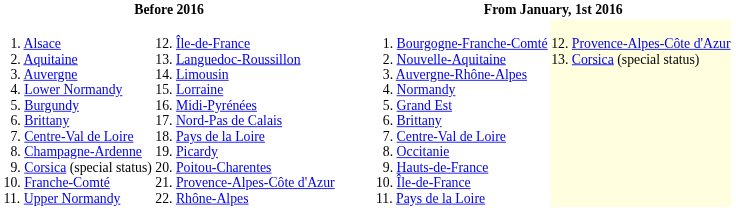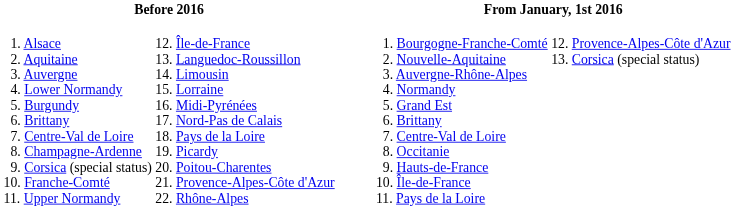 <table>
 <tr>
 <th colspan=2>Before 2016</th>
 <th></th>
 <th colspan=2>From January, 1st 2016</th>
 </tr>
 <tr>
 <td><br>  1. <a href='#'>Alsace</a><br>   2. <a href='#'>Aquitaine</a><br>   3. <a href='#'>Auvergne</a><br>   4. <a href='#'>Lower Normandy</a><br>   5. <a href='#'>Burgundy</a><br>   6. <a href='#'>Brittany</a><br>   7. <a href='#'>Centre-Val de Loire</a><br>   8. <a href='#'>Champagne-Ardenne</a><br>   9. <a href='#'>Corsica</a> (special status)<br> 10. <a href='#'>Franche-Comté</a><br> 11. <a href='#'>Upper Normandy</a></td>
 <td><br>12. <a href='#'>Île-de-France</a><br> 13. <a href='#'>Languedoc-Roussillon</a><br> 14. <a href='#'>Limousin</a><br> 15. <a href='#'>Lorraine</a><br> 16. <a href='#'>Midi-Pyrénées</a><br> 17. <a href='#'>Nord-Pas de Calais</a><br> 18. <a href='#'>Pays de la Loire</a><br> 19. <a href='#'>Picardy</a><br> 20. <a href='#'>Poitou-Charentes</a><br> 21. <a href='#'>Provence-Alpes-Côte d'Azur</a><br> 22. <a href='#'>Rhône-Alpes</a></td>
 <td width=40></td>
 <td><br>  1. <a href='#'>Bourgogne-Franche-Comté</a><br>   2. <a href='#'>Nouvelle-Aquitaine</a><br>   3. <a href='#'>Auvergne-Rhône-Alpes</a><br>   4. <a href='#'>Normandy</a><br>   5. <a href='#'>Grand Est</a><br>   6. <a href='#'>Brittany</a><br>   7. <a href='#'>Centre-Val de Loire</a><br>   8. <a href='#'>Occitanie</a><br>   9. <a href='#'>Hauts-de-France</a><br> 10. <a href='#'>Île-de-France</a><br> 11. <a href='#'>Pays de la Loire</a></td>
-<td valign=top style="background: lightyellow;"><br>12. <a href='#'>Provence-Alpes-Côte d'Azur</a><br> 13. <a href='#'>Corsica</a> (special status)</td>
+<td valign=top><br>12. <a href='#'>Provence-Alpes-Côte d'Azur</a><br> 13. <a href='#'>Corsica</a> (special status)</td>
 </tr>
 </table>
